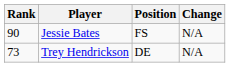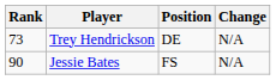 <table class="wikitable">
 <tr>
 <th>Rank</th>
 <th>Player</th>
 <th>Position</th>
 <th>Change</th>
 </tr>
 <tr>
+<td>73</td>
+<td><a href='#'>Trey Hendrickson</a></td>
+<td>DE</td>
+<td>N/A</td>
+</tr>
+<tr>
 <td>90</td>
 <td><a href='#'>Jessie Bates</a></td>
 <td>FS</td>
 <td>N/A</td>
 </tr>
-<tr>
-<td>73</td>
-<td><a href='#'>Trey Hendrickson</a></td>
-<td>DE</td>
-<td>N/A</td>
-</tr>
 </table>
